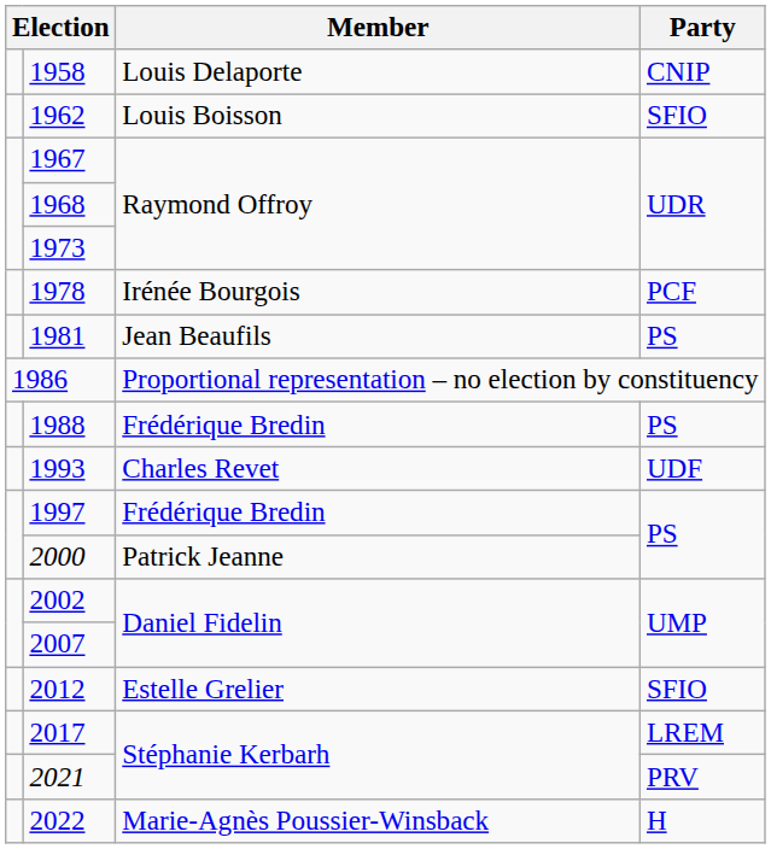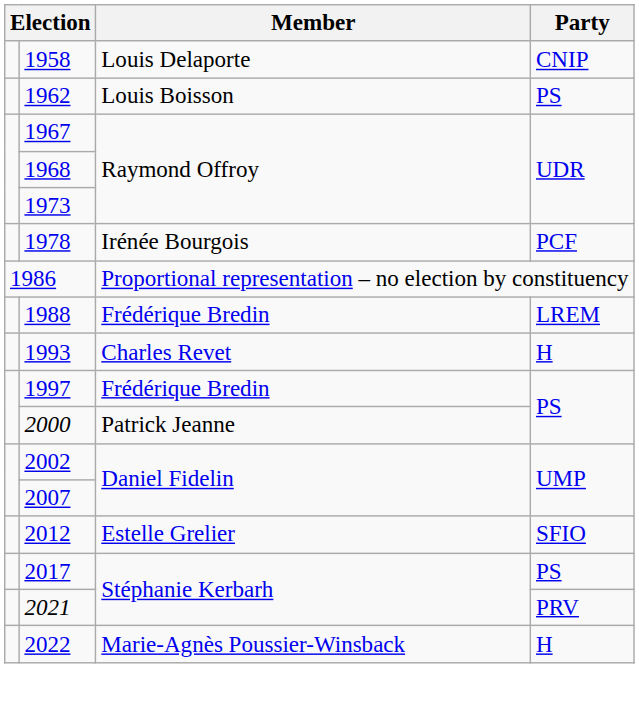 <table class="wikitable">
 <tr>
 <th colspan=2>Election</th>
 <th>Member</th>
 <th>Party</th>
 </tr>
 <tr>
 <td style="background-color: "></td>
 <td><a href='#'>1958</a></td>
 <td>Louis Delaporte</td>
 <td><a href='#'>CNIP</a></td>
 </tr>
 <tr>
 <td style="background-color: "></td>
 <td><a href='#'>1962</a></td>
 <td>Louis Boisson</td>
-<td><a href='#'>SFIO</a></td>
+<td><a href='#'>PS</a></td>
 </tr>
 <tr>
 <td rowspan="3" style="background-color: "></td>
 <td><a href='#'>1967</a></td>
 <td rowspan="3">Raymond Offroy</td>
 <td rowspan="3"><a href='#'>UDR</a></td>
 </tr>
 <tr>
 <td><a href='#'>1968</a></td>
 </tr>
 <tr>
 <td><a href='#'>1973</a></td>
 </tr>
 <tr>
 <td style="background-color: "></td>
 <td><a href='#'>1978</a></td>
 <td>Irénée Bourgois</td>
 <td><a href='#'>PCF</a></td>
 </tr>
 <tr>
-<td style="background-color: "></td>
-<td><a href='#'>1981</a></td>
-<td>Jean Beaufils</td>
-<td><a href='#'>PS</a></td>
-</tr>
-<tr>
 <td colspan="2"><a href='#'>1986</a></td>
 <td colspan="2"><a href='#'>Proportional representation</a> – no election by constituency</td>
 </tr>
 <tr>
 <td style="background-color: "></td>
 <td><a href='#'>1988</a></td>
 <td><a href='#'>Frédérique Bredin</a></td>
-<td><a href='#'>PS</a></td>
+<td><a href='#'>LREM</a></td>
 </tr>
 <tr>
 <td style="background-color: "></td>
 <td><a href='#'>1993</a></td>
 <td><a href='#'>Charles Revet</a></td>
-<td><a href='#'>UDF</a></td>
+<td><a href='#'>H</a></td>
 </tr>
 <tr>
 <td rowspan="2" style="background-color: "></td>
 <td><a href='#'>1997</a></td>
 <td><a href='#'>Frédérique Bredin</a></td>
 <td rowspan="2"><a href='#'>PS</a></td>
 </tr>
 <tr>
 <td><em>2000</em></td>
 <td>Patrick Jeanne</td>
 </tr>
 <tr>
 <td rowspan="2" style="background-color: "></td>
 <td><a href='#'>2002</a></td>
 <td rowspan="2"><a href='#'>Daniel Fidelin</a></td>
 <td rowspan="2"><a href='#'>UMP</a></td>
 </tr>
 <tr>
 <td><a href='#'>2007</a></td>
 </tr>
 <tr>
 <td style="background-color: "></td>
 <td><a href='#'>2012</a></td>
 <td><a href='#'>Estelle Grelier</a></td>
 <td><a href='#'>SFIO</a></td>
 </tr>
 <tr>
 <td style="background-color: "></td>
 <td><a href='#'>2017</a></td>
 <td rowspan="2"><a href='#'>Stéphanie Kerbarh</a></td>
-<td><a href='#'>LREM</a></td>
+<td><a href='#'>PS</a></td>
 </tr>
 <tr>
 <td style="background-color: "></td>
 <td><em>2021</em></td>
 <td><a href='#'>PRV</a></td>
 </tr>
 <tr>
 <td style="background-color: "></td>
 <td><a href='#'>2022</a></td>
 <td><a href='#'>Marie-Agnès Poussier-Winsback</a></td>
 <td><a href='#'>H</a></td>
 </tr>
 </table>
